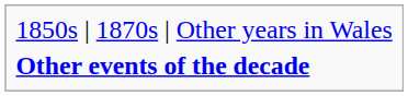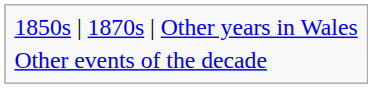 <table class="infobox" id="toc">
 <tr>
 <td align="left"><a href='#'>1850s</a> | <a href='#'>1870s</a> | <a href='#'>Other years in Wales</a></td>
 </tr>
 <tr>
-<td><strong><a href='#'>Other events of the decade</a></strong></td>
+<td><a href='#'>Other events of the decade</a></td>
 </tr>
 </table>
